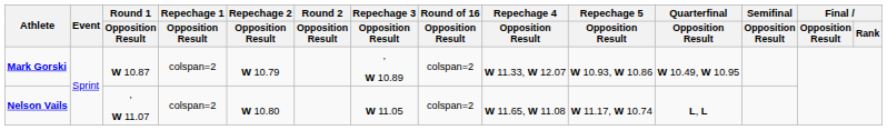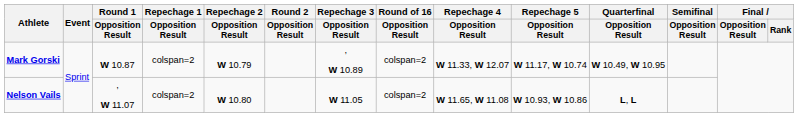 <table class=wikitable style=font-size:90%;text-align:center>
 <tr>
 <th rowspan=2>Athlete</th>
 <th rowspan=2>Event</th>
 <th>Round 1</th>
 <th>Repechage 1</th>
 <th>Repechage 2</th>
 <th>Round 2</th>
 <th>Repechage 3</th>
 <th>Round of 16</th>
 <th>Repechage 4</th>
 <th>Repechage 5</th>
 <th>Quarterfinal</th>
 <th>Semifinal</th>
 <th colspan=2>Final / </th>
 </tr>
 <tr style=font-size:95%>
 <th>Opposition<br>Result</th>
 <th>Opposition<br>Result</th>
 <th>Opposition<br>Result</th>
 <th>Opposition<br>Result</th>
 <th>Opposition<br>Result</th>
 <th>Opposition<br>Result</th>
 <th>Opposition<br>Result</th>
 <th>Opposition<br>Result</th>
 <th>Opposition<br>Result</th>
 <th>Opposition<br>Result</th>
 <th>Opposition<br>Result</th>
 <th>Rank</th>
 </tr>
 <tr>
 <td align=left><strong><a href='#'>Mark Gorski</a></strong></td>
 <td align=left rowspan=2><a href='#'>Sprint</a></td>
 <td><br><strong>W</strong> 10.87</td>
 <td>colspan=2 </td>
 <td><br><strong>W</strong> 10.79</td>
 <td></td>
 <td>,<br><br><strong>W</strong> 10.89</td>
 <td>colspan=2 </td>
 <td><br><strong>W</strong> 11.33, <strong>W</strong> 12.07</td>
-<td><br><strong>W</strong> 10.93, <strong>W</strong> 10.86</td>
+<td><br><strong>W</strong> 11.17, <strong>W</strong> 10.74</td>
 <td><br><strong>W</strong> 10.49, <strong>W</strong> 10.95</td>
 <td></td>
 </tr>
 <tr>
 <td align=left><strong><a href='#'>Nelson Vails</a></strong></td>
 <td>,<br><br><strong>W</strong> 11.07</td>
 <td>colspan=2 </td>
 <td><br><strong>W</strong> 10.80</td>
 <td></td>
 <td><br><strong>W</strong> 11.05</td>
 <td>colspan=2 </td>
 <td><br><strong>W</strong> 11.65, <strong>W</strong> 11.08</td>
-<td><br><strong>W</strong> 11.17, <strong>W</strong> 10.74</td>
+<td><br><strong>W</strong> 10.93, <strong>W</strong> 10.86</td>
 <td><br><strong>L</strong>, <strong>L</strong></td>
 <td></td>
 </tr>
 </table>
